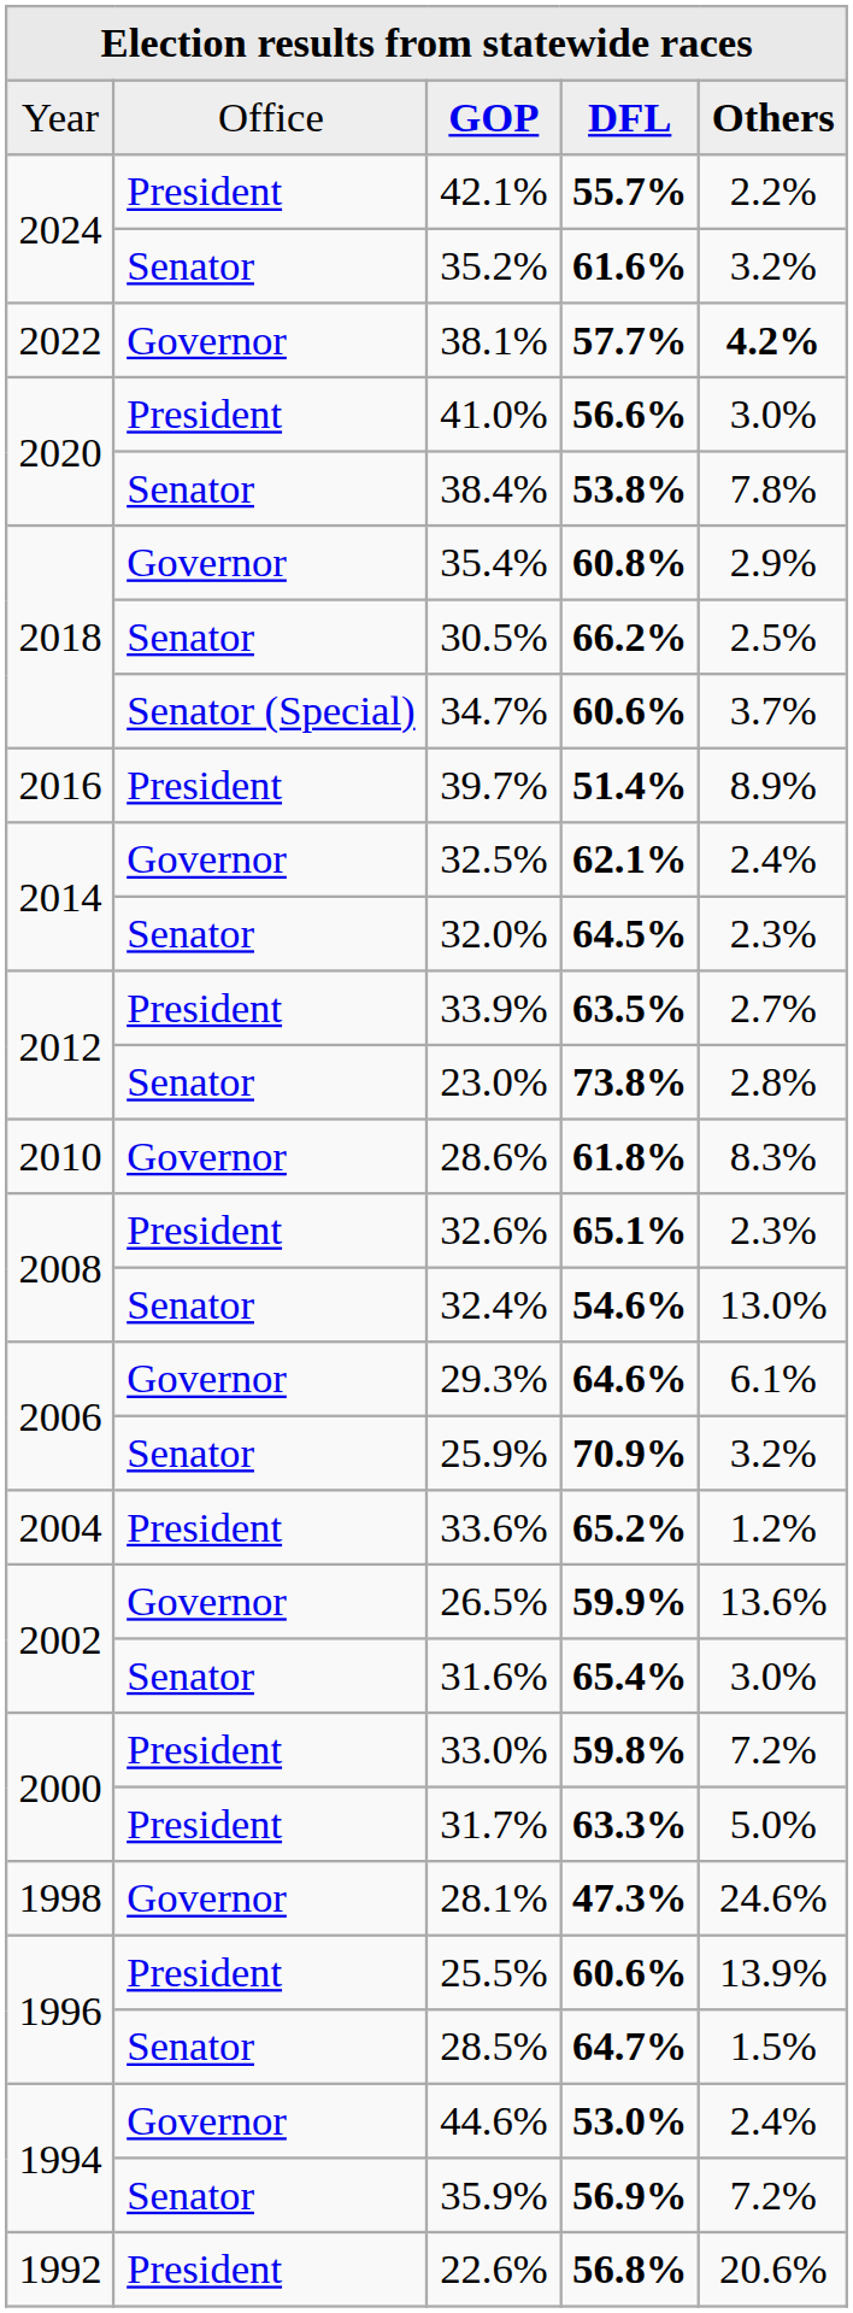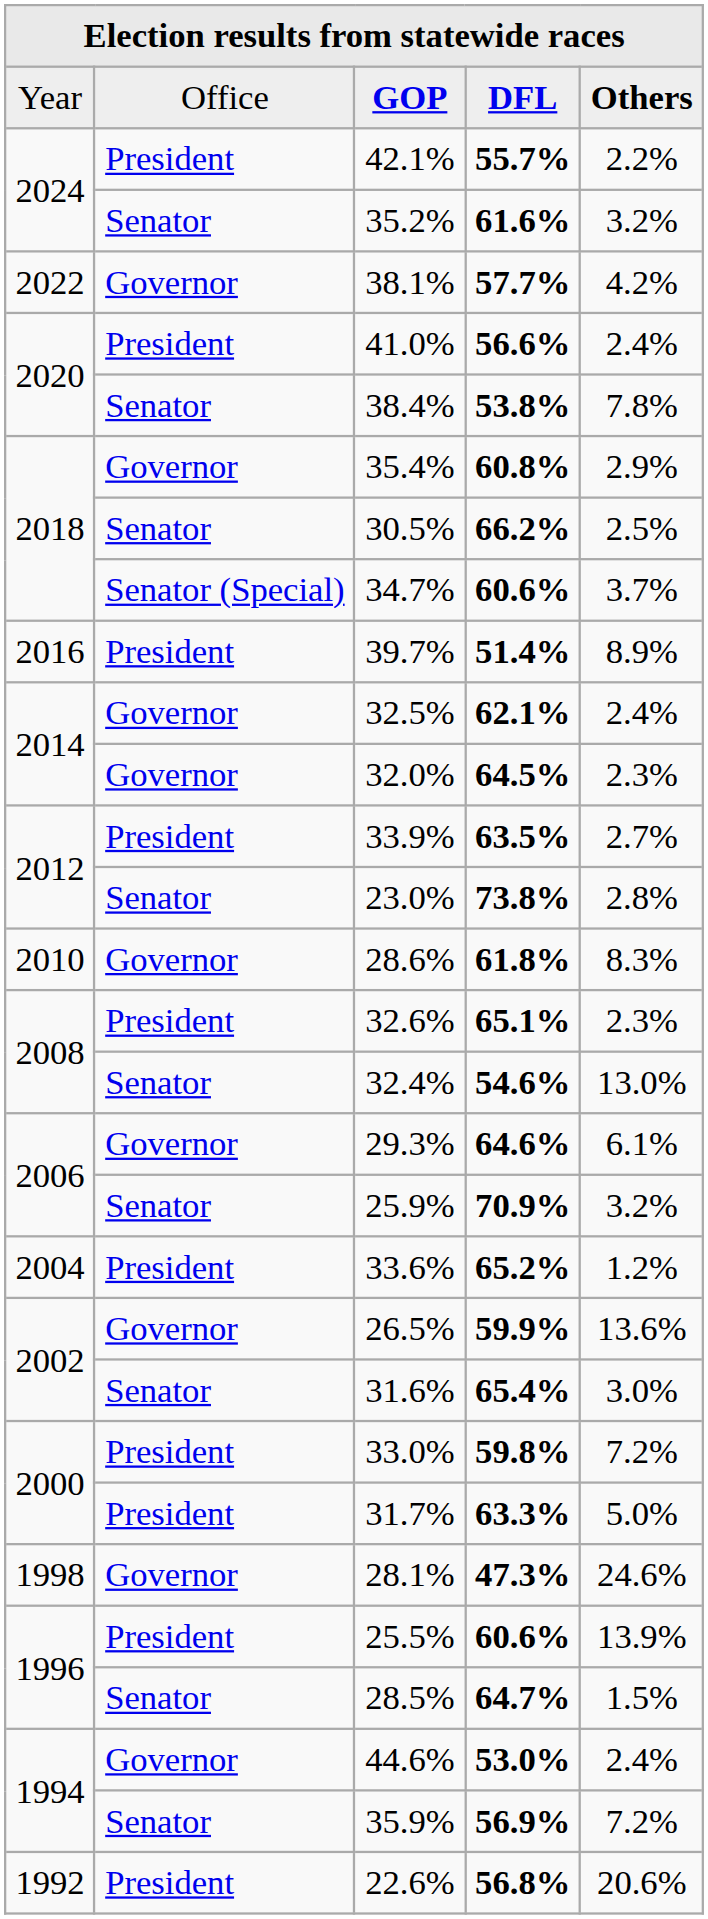 <table border="1" cellpadding="4" cellspacing="0" style="thumb:left; margin:1em 1em 1em 0; background:#f9f9f9; border:1px #aaa solid; border-collapse:collapse; font-size:95%;">
 <tr style="background:#e9e9e9;">
 <th colspan="5">Election results from statewide races</th>
 </tr>
 <tr style="background:#eee; text-align:center;">
 <td>Year</td>
 <td>Office</td>
 <th><a href='#'>GOP</a></th>
 <th><a href='#'>DFL</a></th>
 <th>Others</th>
 </tr>
 <tr>
 <td rowspan="2">2024</td>
 <td><a href='#'>President</a></td>
 <td style="text-align:center;">42.1%</td>
 <td style="text-align:center;"><strong>55.7%</strong></td>
 <td style="text-align:center;">2.2%</td>
 </tr>
 <tr>
 <td><a href='#'>Senator</a></td>
 <td style="text-align:center;">35.2%</td>
 <td style="text-align:center;"><strong>61.6%</strong></td>
 <td style="text-align:center;">3.2%</td>
 </tr>
 <tr>
 <td>2022</td>
 <td><a href='#'>Governor</a></td>
 <td style="text-align:center;">38.1%</td>
 <td style="text-align:center;"><strong>57.7%</strong></td>
-<td style="text-align:center;"><strong>4.2%</strong></td>
+<td style="text-align:center;">4.2%</td>
 </tr>
 <tr>
 <td rowspan="2">2020</td>
 <td><a href='#'>President</a></td>
 <td style="text-align:center;">41.0%</td>
 <td style="text-align:center;"><strong>56.6%</strong></td>
-<td style="text-align:center;">3.0%</td>
+<td style="text-align:center;">2.4%</td>
 </tr>
 <tr>
 <td><a href='#'>Senator</a></td>
 <td style="text-align:center;">38.4%</td>
 <td style="text-align:center;"><strong>53.8%</strong></td>
 <td style="text-align:center;">7.8%</td>
 </tr>
 <tr>
 <td rowspan="3">2018</td>
 <td><a href='#'>Governor</a></td>
 <td style="text-align:center;">35.4%</td>
 <td style="text-align:center;"><strong>60.8%</strong></td>
 <td style="text-align:center;">2.9%</td>
 </tr>
 <tr>
 <td><a href='#'>Senator</a></td>
 <td style="text-align:center;">30.5%</td>
 <td style="text-align:center;"><strong>66.2%</strong></td>
 <td style="text-align:center;">2.5%</td>
 </tr>
 <tr>
 <td><a href='#'>Senator (Special)</a></td>
 <td style="text-align:center;">34.7%</td>
 <td style="text-align:center;"><strong>60.6%</strong></td>
 <td style="text-align:center;">3.7%</td>
 </tr>
 <tr>
 <td>2016</td>
 <td><a href='#'>President</a></td>
 <td style="text-align:center;">39.7%</td>
 <td style="text-align:center;"><strong>51.4%</strong></td>
 <td style="text-align:center;">8.9%</td>
 </tr>
 <tr>
 <td rowspan="2">2014</td>
 <td><a href='#'>Governor</a></td>
 <td style="text-align:center;">32.5%</td>
 <td style="text-align:center;"><strong>62.1%</strong></td>
 <td style="text-align:center;">2.4%</td>
 </tr>
 <tr>
-<td><a href='#'>Senator</a></td>
+<td><a href='#'>Governor</a></td>
 <td style="text-align:center;">32.0%</td>
 <td style="text-align:center;"><strong>64.5%</strong></td>
 <td style="text-align:center;">2.3%</td>
 </tr>
 <tr>
 <td rowspan="2">2012</td>
 <td><a href='#'>President</a></td>
 <td style="text-align:center;">33.9%</td>
 <td style="text-align:center;"><strong>63.5%</strong></td>
 <td style="text-align:center;">2.7%</td>
 </tr>
 <tr>
 <td><a href='#'>Senator</a></td>
 <td style="text-align:center;">23.0%</td>
 <td style="text-align:center;"><strong>73.8%</strong></td>
 <td style="text-align:center;">2.8%</td>
 </tr>
 <tr>
 <td>2010</td>
 <td><a href='#'>Governor</a></td>
 <td style="text-align:center;">28.6%</td>
 <td style="text-align:center;"><strong>61.8%</strong></td>
 <td style="text-align:center;">8.3%</td>
 </tr>
 <tr>
 <td rowspan=2>2008</td>
 <td><a href='#'>President</a></td>
 <td style="text-align:center;">32.6%</td>
 <td style="text-align:center;"><strong>65.1%</strong></td>
 <td style="text-align:center;">2.3%</td>
 </tr>
 <tr>
 <td><a href='#'>Senator</a></td>
 <td style="text-align:center;">32.4%</td>
 <td style="text-align:center;"><strong>54.6%</strong></td>
 <td style="text-align:center;">13.0%</td>
 </tr>
 <tr>
 <td rowspan=2>2006</td>
 <td><a href='#'>Governor</a></td>
 <td style="text-align:center;">29.3%</td>
 <td style="text-align:center;"><strong>64.6%</strong></td>
 <td style="text-align:center;">6.1%</td>
 </tr>
 <tr>
 <td><a href='#'>Senator</a></td>
 <td style="text-align:center;">25.9%</td>
 <td style="text-align:center;"><strong>70.9%</strong></td>
 <td style="text-align:center;">3.2%</td>
 </tr>
 <tr>
 <td>2004</td>
 <td><a href='#'>President</a></td>
 <td style="text-align:center;">33.6%</td>
 <td style="text-align:center;"><strong>65.2%</strong></td>
 <td style="text-align:center;">1.2%</td>
 </tr>
 <tr>
 <td rowspan=2>2002</td>
 <td><a href='#'>Governor</a></td>
 <td style="text-align:center;">26.5%</td>
 <td style="text-align:center;"><strong>59.9%</strong></td>
 <td style="text-align:center;">13.6%</td>
 </tr>
 <tr>
 <td><a href='#'>Senator</a></td>
 <td style="text-align:center;">31.6%</td>
 <td style="text-align:center;"><strong>65.4%</strong></td>
 <td style="text-align:center;">3.0%</td>
 </tr>
 <tr>
 <td rowspan=2>2000</td>
 <td><a href='#'>President</a></td>
 <td style="text-align:center;">33.0%</td>
 <td style="text-align:center;"><strong>59.8%</strong></td>
 <td style="text-align:center;">7.2%</td>
 </tr>
 <tr>
 <td><a href='#'>President</a></td>
 <td style="text-align:center;">31.7%</td>
 <td style="text-align:center;"><strong>63.3%</strong></td>
 <td style="text-align:center;">5.0%</td>
 </tr>
 <tr>
 <td>1998</td>
 <td><a href='#'>Governor</a></td>
 <td style="text-align:center;">28.1%</td>
 <td style="text-align:center;"><strong>47.3%</strong></td>
 <td style="text-align:center;">24.6%</td>
 </tr>
 <tr>
 <td rowspan=2>1996</td>
 <td><a href='#'>President</a></td>
 <td style="text-align:center;">25.5%</td>
 <td style="text-align:center;"><strong>60.6%</strong></td>
 <td style="text-align:center;">13.9%</td>
 </tr>
 <tr>
 <td><a href='#'>Senator</a></td>
 <td style="text-align:center;">28.5%</td>
 <td style="text-align:center;"><strong>64.7%</strong></td>
 <td style="text-align:center;">1.5%</td>
 </tr>
 <tr>
 <td rowspan=2>1994</td>
 <td><a href='#'>Governor</a></td>
 <td style="text-align:center;">44.6%</td>
 <td style="text-align:center;"><strong>53.0%</strong></td>
 <td style="text-align:center;">2.4%</td>
 </tr>
 <tr>
 <td><a href='#'>Senator</a></td>
 <td style="text-align:center;">35.9%</td>
 <td style="text-align:center;"><strong>56.9%</strong></td>
 <td style="text-align:center;">7.2%</td>
 </tr>
 <tr>
 <td>1992</td>
 <td><a href='#'>President</a></td>
 <td style="text-align:center;">22.6%</td>
 <td style="text-align:center;"><strong>56.8%</strong></td>
 <td style="text-align:center;">20.6%</td>
 </tr>
 </table>
